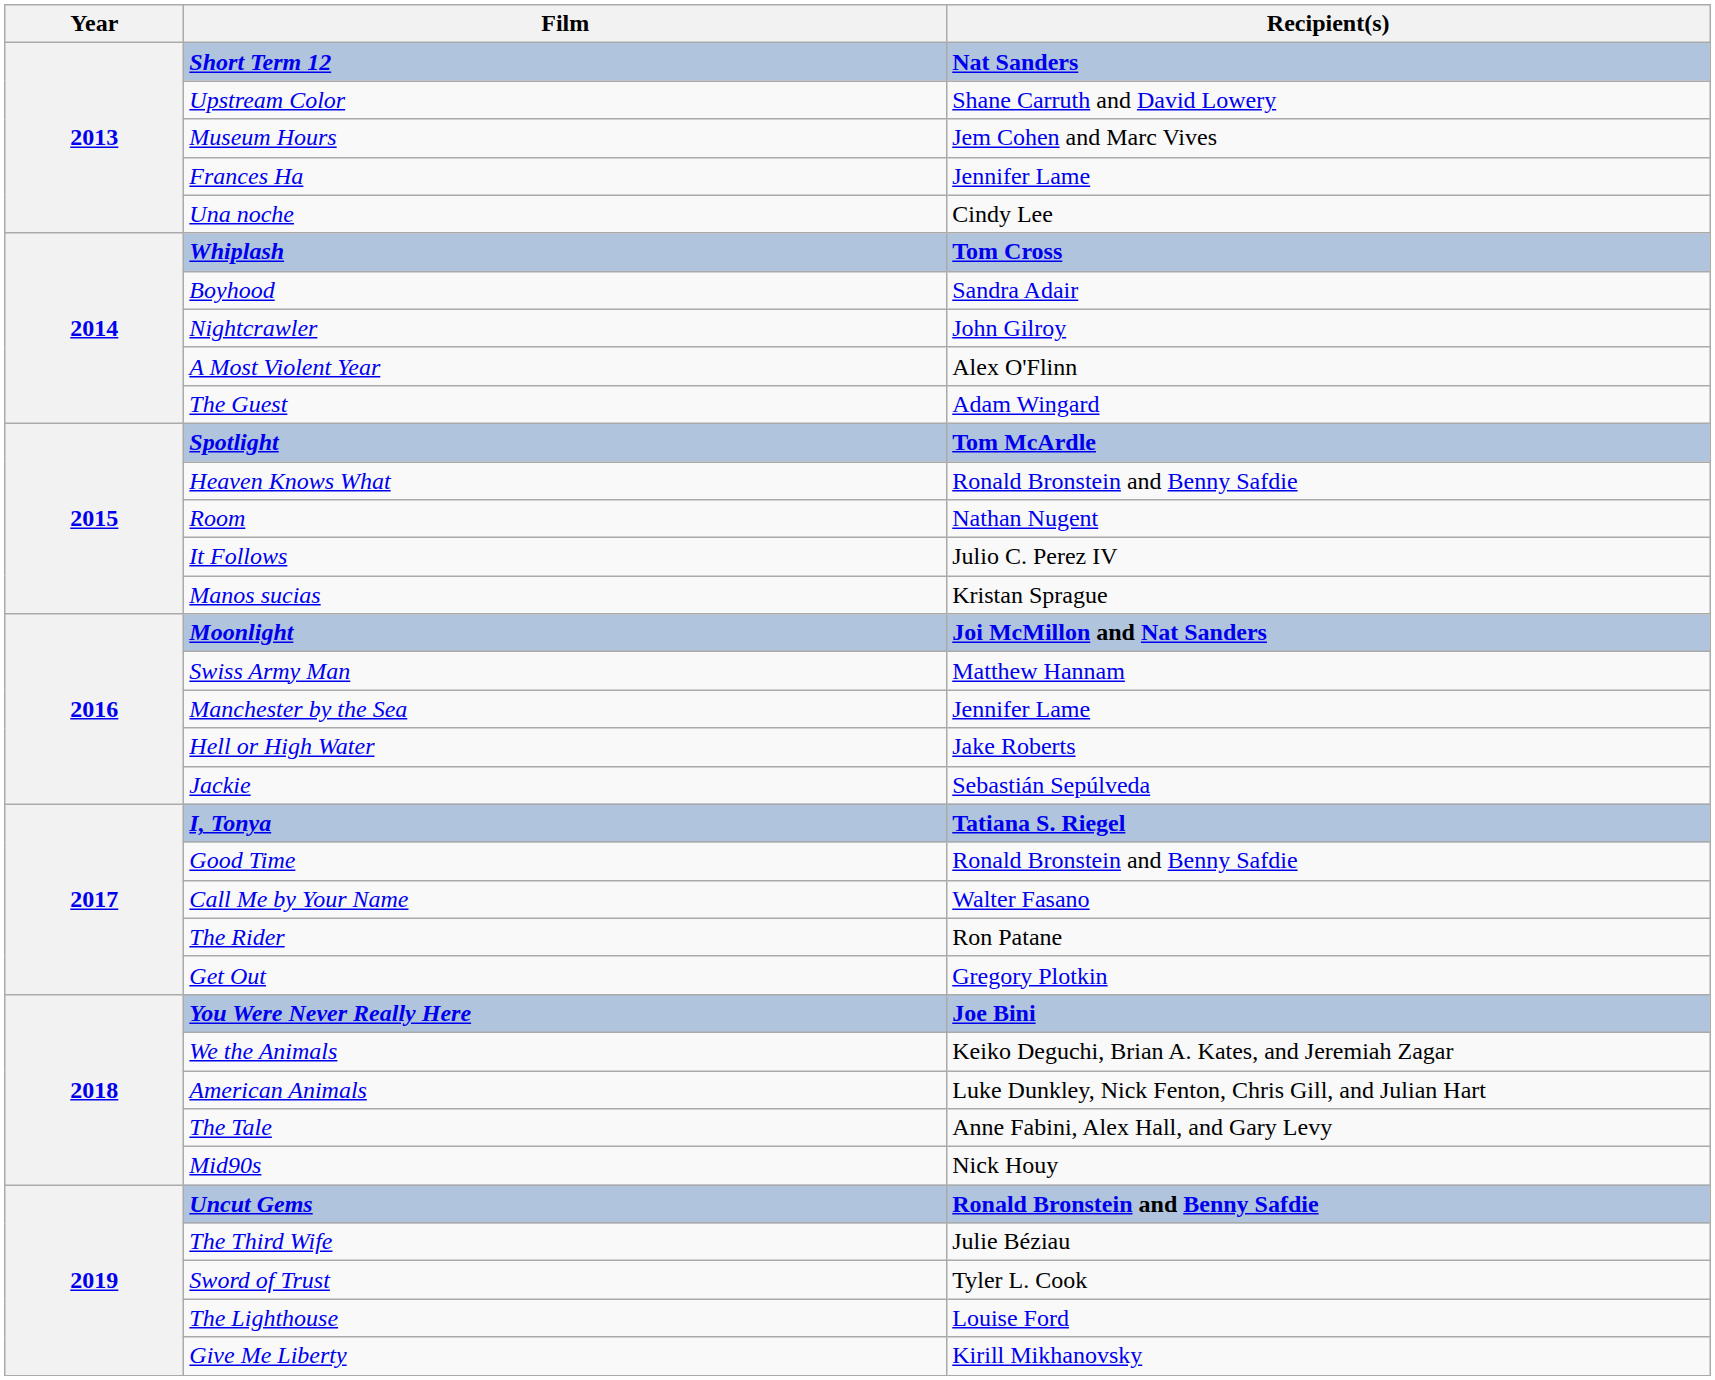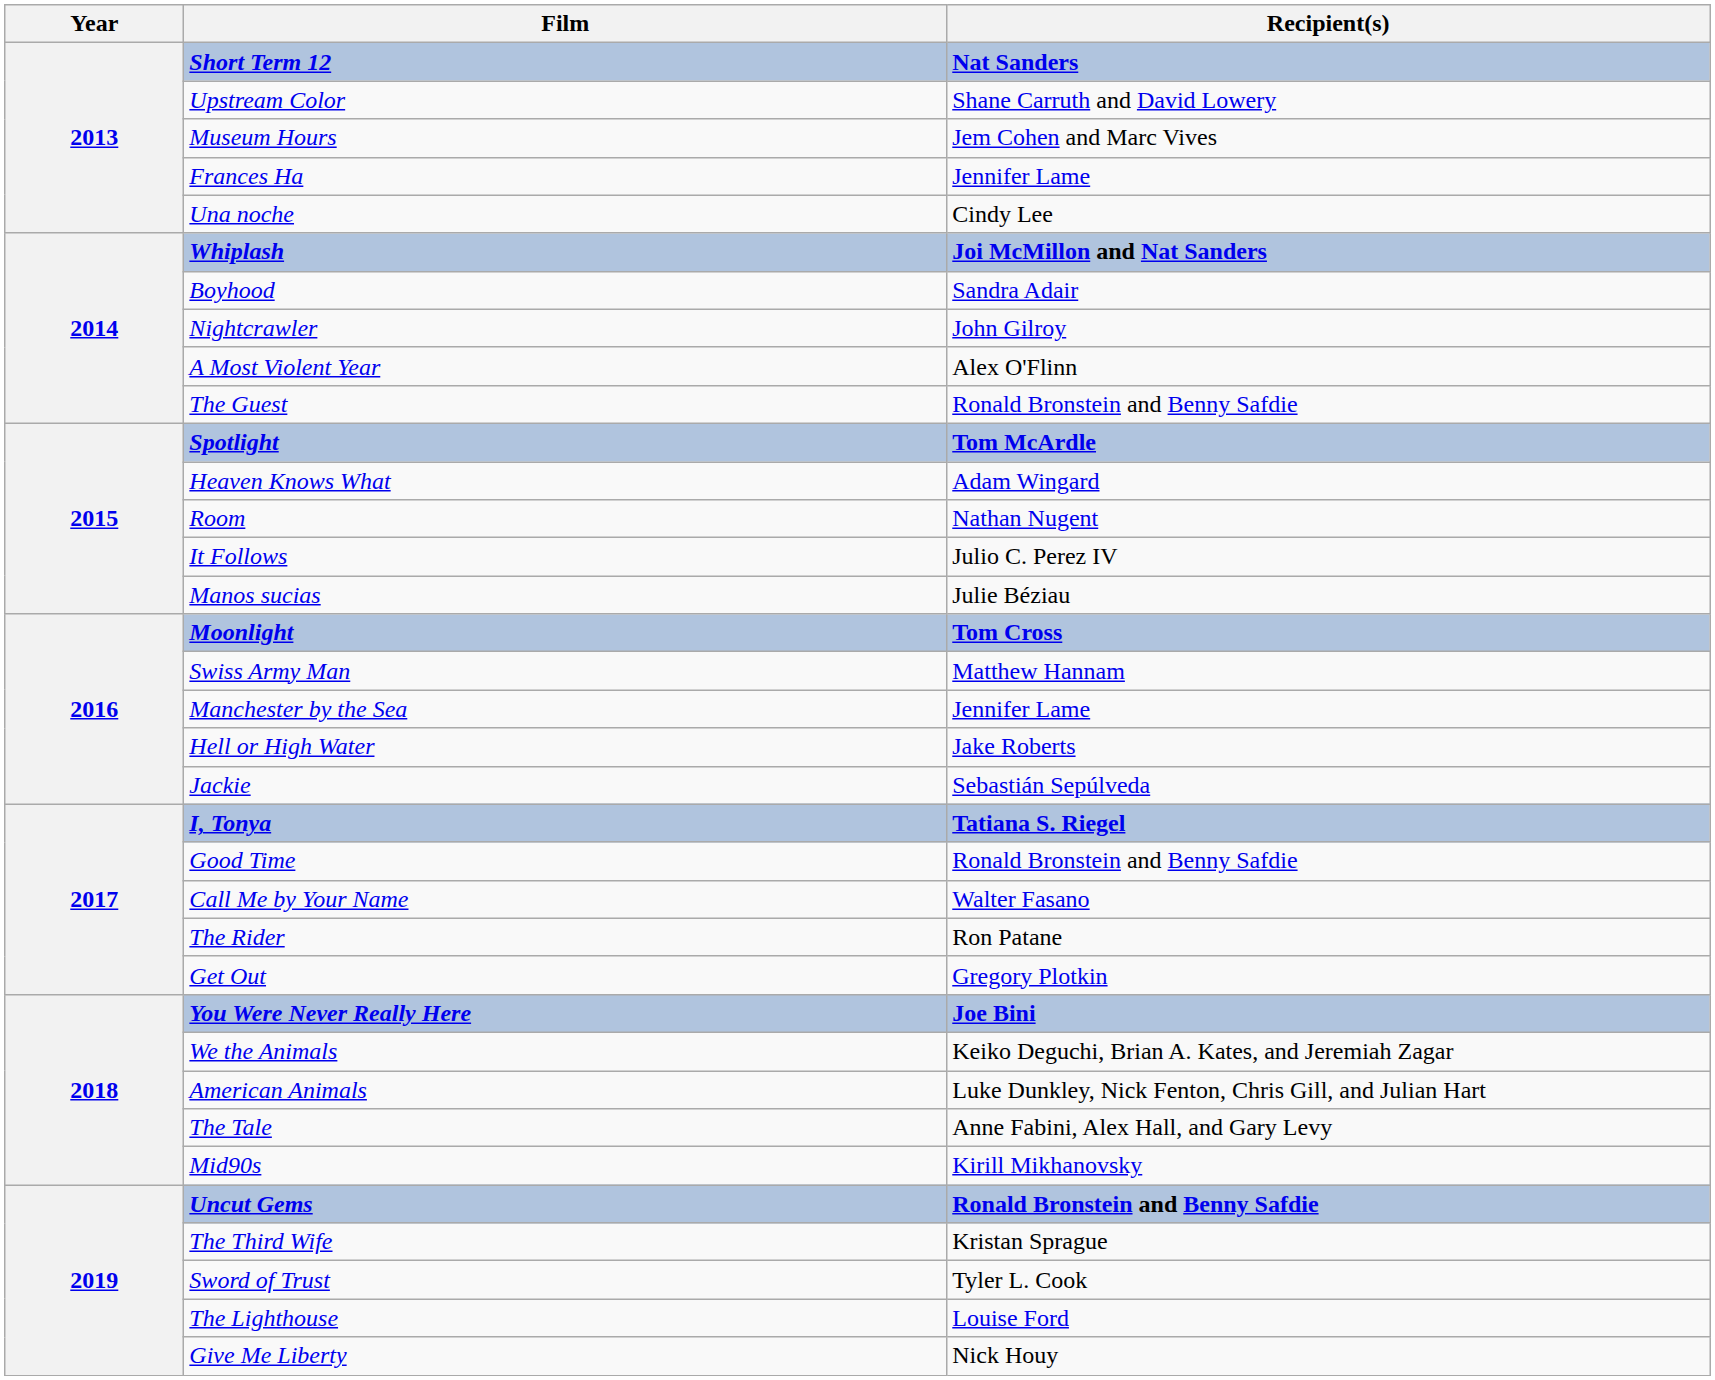 <table class="wikitable" width="90%" cellpadding="5">
 <tr>
 <th width="100">Year</th>
 <th width="450">Film</th>
 <th width="450">Recipient(s)</th>
 </tr>
 <tr>
 <th rowspan="5" style="text-align:center;"><a href='#'>2013</a><br></th>
 <td style="background:#B0C4DE"><strong><em><a href='#'>Short Term 12</a></em></strong></td>
 <td style="background:#B0C4DE"><strong><a href='#'>Nat Sanders</a></strong></td>
 </tr>
 <tr>
 <td><em><a href='#'>Upstream Color</a></em></td>
 <td><a href='#'>Shane Carruth</a> and <a href='#'>David Lowery</a></td>
 </tr>
 <tr>
 <td><em><a href='#'>Museum Hours</a></em></td>
 <td><a href='#'>Jem Cohen</a> and Marc Vives</td>
 </tr>
 <tr>
 <td><em><a href='#'>Frances Ha</a></em></td>
 <td><a href='#'>Jennifer Lame</a></td>
 </tr>
 <tr>
 <td><em><a href='#'>Una noche</a></em></td>
 <td>Cindy Lee</td>
 </tr>
 <tr>
 <th rowspan="5" style="text-align:center;"><a href='#'>2014</a><br></th>
 <td style="background:#B0C4DE"><strong><em><a href='#'>Whiplash</a></em></strong></td>
-<td style="background:#B0C4DE"><strong><a href='#'>Tom Cross</a></strong></td>
+<td style="background:#B0C4DE"><strong><a href='#'>Joi McMillon</a> and <a href='#'>Nat Sanders</a></strong></td>
 </tr>
 <tr>
 <td><em><a href='#'>Boyhood</a></em></td>
 <td><a href='#'>Sandra Adair</a></td>
 </tr>
 <tr>
 <td><em><a href='#'>Nightcrawler</a></em></td>
 <td><a href='#'>John Gilroy</a></td>
 </tr>
 <tr>
 <td><em><a href='#'>A Most Violent Year</a></em></td>
 <td>Alex O'Flinn</td>
 </tr>
 <tr>
 <td><em><a href='#'>The Guest</a></em></td>
-<td><a href='#'>Adam Wingard</a></td>
+<td><a href='#'>Ronald Bronstein</a> and <a href='#'>Benny Safdie</a></td>
 </tr>
 <tr>
 <th rowspan="5" style="text-align:center;"><a href='#'>2015</a><br></th>
 <td style="background:#B0C4DE"><strong><em><a href='#'>Spotlight</a></em></strong></td>
 <td style="background:#B0C4DE"><strong><a href='#'>Tom McArdle</a></strong></td>
 </tr>
 <tr>
 <td><em><a href='#'>Heaven Knows What</a></em></td>
-<td><a href='#'>Ronald Bronstein</a> and <a href='#'>Benny Safdie</a></td>
+<td><a href='#'>Adam Wingard</a></td>
 </tr>
 <tr>
 <td><em><a href='#'>Room</a></em></td>
 <td><a href='#'>Nathan Nugent</a></td>
 </tr>
 <tr>
 <td><em><a href='#'>It Follows</a></em></td>
 <td>Julio C. Perez IV</td>
 </tr>
 <tr>
 <td><em><a href='#'>Manos sucias</a></em></td>
-<td>Kristan Sprague</td>
+<td>Julie Béziau</td>
 </tr>
 <tr>
 <th rowspan="5" style="text-align:center;"><a href='#'>2016</a><br></th>
 <td style="background:#B0C4DE"><strong><em><a href='#'>Moonlight</a></em></strong></td>
-<td style="background:#B0C4DE"><strong><a href='#'>Joi McMillon</a> and <a href='#'>Nat Sanders</a></strong></td>
+<td style="background:#B0C4DE"><strong><a href='#'>Tom Cross</a></strong></td>
 </tr>
 <tr>
 <td><em><a href='#'>Swiss Army Man</a></em></td>
 <td><a href='#'>Matthew Hannam</a></td>
 </tr>
 <tr>
 <td><em><a href='#'>Manchester by the Sea</a></em></td>
 <td><a href='#'>Jennifer Lame</a></td>
 </tr>
 <tr>
 <td><em><a href='#'>Hell or High Water</a></em></td>
 <td><a href='#'>Jake Roberts</a></td>
 </tr>
 <tr>
 <td><em><a href='#'>Jackie</a></em></td>
 <td><a href='#'>Sebastián Sepúlveda</a></td>
 </tr>
 <tr>
 <th rowspan="5" style="text-align:center;"><a href='#'>2017</a><br></th>
 <td style="background:#B0C4DE"><strong><em><a href='#'>I, Tonya</a></em></strong></td>
 <td style="background:#B0C4DE"><strong><a href='#'>Tatiana S. Riegel</a></strong></td>
 </tr>
 <tr>
 <td><em><a href='#'>Good Time</a></em></td>
 <td><a href='#'>Ronald Bronstein</a> and <a href='#'>Benny Safdie</a></td>
 </tr>
 <tr>
 <td><em><a href='#'>Call Me by Your Name</a></em></td>
 <td><a href='#'>Walter Fasano</a></td>
 </tr>
 <tr>
 <td><em><a href='#'>The Rider</a></em></td>
 <td>Ron Patane</td>
 </tr>
 <tr>
 <td><em><a href='#'>Get Out</a></em></td>
 <td><a href='#'>Gregory Plotkin</a></td>
 </tr>
 <tr>
 <th rowspan="5" style="text-align:center;"><a href='#'>2018</a><br></th>
 <td style="background:#B0C4DE"><strong><em><a href='#'>You Were Never Really Here</a></em></strong></td>
 <td style="background:#B0C4DE"><strong><a href='#'>Joe Bini</a></strong></td>
 </tr>
 <tr>
 <td><em><a href='#'>We the Animals</a></em></td>
 <td>Keiko Deguchi, Brian A. Kates, and Jeremiah Zagar</td>
 </tr>
 <tr>
 <td><em><a href='#'>American Animals</a></em></td>
 <td>Luke Dunkley, Nick Fenton, Chris Gill, and Julian Hart</td>
 </tr>
 <tr>
 <td><em><a href='#'>The Tale</a></em></td>
 <td>Anne Fabini, Alex Hall, and Gary Levy</td>
 </tr>
 <tr>
 <td><em><a href='#'>Mid90s</a></em></td>
-<td>Nick Houy</td>
+<td><a href='#'>Kirill Mikhanovsky</a></td>
 </tr>
 <tr>
 <th rowspan="5" style="text-align:center;"><a href='#'>2019</a><br></th>
 <td style="background:#B0C4DE"><strong><em><a href='#'>Uncut Gems</a></em></strong></td>
 <td style="background:#B0C4DE"><strong><a href='#'>Ronald Bronstein</a> and <a href='#'>Benny Safdie</a></strong></td>
 </tr>
 <tr>
 <td><em><a href='#'>The Third Wife</a></em></td>
-<td>Julie Béziau</td>
+<td>Kristan Sprague</td>
 </tr>
 <tr>
 <td><em><a href='#'>Sword of Trust</a></em></td>
 <td>Tyler L. Cook</td>
 </tr>
 <tr>
 <td><em><a href='#'>The Lighthouse</a></em></td>
 <td><a href='#'>Louise Ford</a></td>
 </tr>
 <tr>
 <td><em><a href='#'>Give Me Liberty</a></em></td>
-<td><a href='#'>Kirill Mikhanovsky</a></td>
+<td>Nick Houy</td>
 </tr>
 </table>
